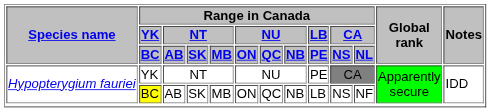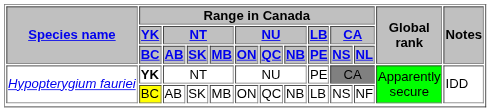 <table border="1" |>
 <tr>
 <th rowspan="3" bgcolor=silver><a href='#'>Species name</a></th>
 <th colspan="10" bgcolor=silver>Range in Canada</th>
 <th rowspan="3" bgcolor=silver>Global <br> rank</th>
 <th rowspan="3" bgcolor=silver>Notes</th>
 </tr>
 <tr>
 <th bgcolor=silver><a href='#'>YK</a></th>
 <th colspan="3" bgcolor=silver><a href='#'>NT</a></th>
 <th colspan="3" bgcolor=silver><a href='#'>NU</a></th>
 <th bgcolor=silver><a href='#'>LB</a></th>
 <th colspan="2" bgcolor=silver><a href='#'>CA</a></th>
 </tr>
 <tr>
 <th bgcolor=silver><a href='#'>BC</a></th>
 <th bgcolor=silver><a href='#'>AB</a></th>
 <th bgcolor=silver><a href='#'>SK</a></th>
 <th bgcolor=silver><a href='#'>MB</a></th>
 <th bgcolor=silver><a href='#'>ON</a></th>
 <th bgcolor=silver><a href='#'>QC</a></th>
 <th bgcolor=silver><a href='#'>NB</a></th>
 <th bgcolor=silver><a href='#'>PE</a></th>
 <th bgcolor=silver><a href='#'>NS</a></th>
 <th bgcolor=silver><a href='#'>NL</a></th>
 </tr>
 <tr>
 <td rowspan="2"><em><a href='#'>Hypopterygium fauriei</a></em></td>
-<td>YK</td>
+<td><strong>YK</strong></td>
 <td colspan="3" align="center">NT</td>
 <td colspan="3" align="center">NU</td>
 <td>PE</td>
 <td colspan="2" align="center" bgcolor=gray>CA</td>
 <td rowspan="2" align="center" bgcolor=lime>Apparently <br> secure</td>
 <td rowspan="2">IDD</td>
 </tr>
 <tr>
 <td bgcolor=yellow>BC</td>
 <td>AB</td>
 <td>SK</td>
 <td>MB</td>
 <td>ON</td>
 <td>QC</td>
 <td>NB</td>
 <td>LB</td>
 <td>NS</td>
 <td>NF</td>
 </tr>
 <tr>
 </tr>
 </table>
